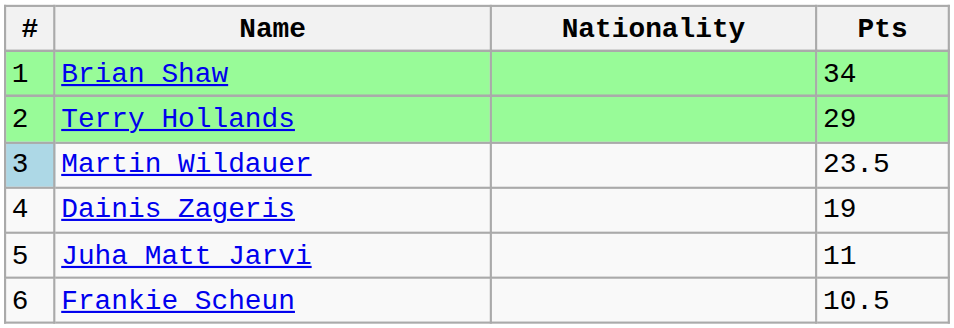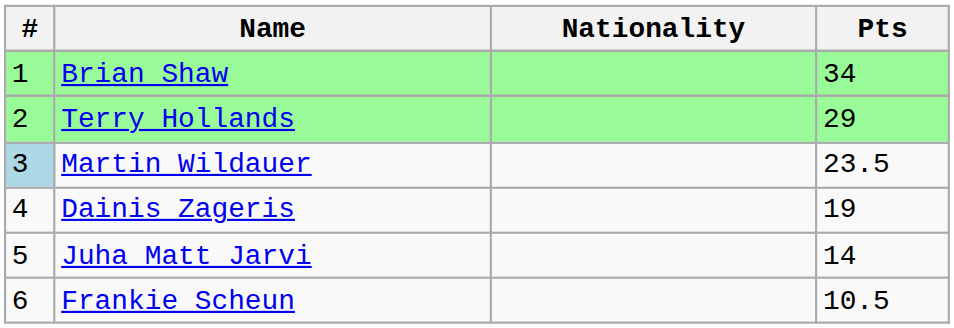 <table class="wikitable" style="display: inline-table; width: 50%;">
 <tr>
 <th>#</th>
 <th>Name</th>
 <th>Nationality</th>
 <th>Pts</th>
 </tr>
 <tr>
 </tr>
 <tr style="background:palegreen;">
 <td>1</td>
 <td><a href='#'>Brian Shaw</a></td>
 <td></td>
 <td>34</td>
 </tr>
 <tr>
 </tr>
 <tr style="background:palegreen;">
 <td>2</td>
 <td><a href='#'>Terry Hollands</a></td>
 <td></td>
 <td>29</td>
 </tr>
 <tr>
 <td style="background: lightblue;">3</td>
 <td><a href='#'>Martin Wildauer</a></td>
 <td></td>
 <td>23.5</td>
 </tr>
 <tr>
 <td>4</td>
 <td><a href='#'>Dainis Zageris</a></td>
 <td></td>
 <td>19</td>
 </tr>
 <tr>
 <td>5</td>
 <td><a href='#'>Juha Matt Jarvi</a></td>
 <td></td>
-<td>11</td>
+<td>14</td>
 </tr>
 <tr>
 <td>6</td>
 <td><a href='#'>Frankie Scheun</a></td>
 <td></td>
 <td>10.5</td>
 </tr>
 </table>
